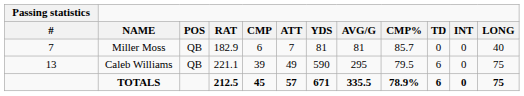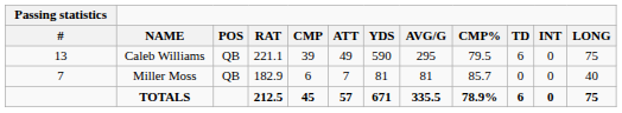 <table style="width:60%; text-align:center;" class="wikitable collapsible collapsed">
 <tr>
 <th style="text-align:center; ">Passing statistics</th>
 </tr>
 <tr>
 <th>#</th>
 <th>NAME</th>
 <th>POS</th>
 <th>RAT</th>
 <th>CMP</th>
 <th>ATT</th>
 <th>YDS</th>
 <th>AVG/G</th>
 <th>CMP%</th>
 <th>TD</th>
 <th>INT</th>
 <th>LONG</th>
 </tr>
 <tr>
+<td>13</td>
+<td>Caleb Williams</td>
+<td>QB</td>
+<td>221.1</td>
+<td>39</td>
+<td>49</td>
+<td>590</td>
+<td>295</td>
+<td>79.5</td>
+<td>6</td>
+<td>0</td>
+<td>75</td>
+</tr>
+<tr>
 <td>7</td>
 <td>Miller Moss</td>
 <td>QB</td>
 <td>182.9</td>
 <td>6</td>
 <td>7</td>
 <td>81</td>
 <td>81</td>
 <td>85.7</td>
 <td>0</td>
 <td>0</td>
 <td>40</td>
-</tr>
-<tr>
-<td>13</td>
-<td>Caleb Williams</td>
-<td>QB</td>
-<td>221.1</td>
-<td>39</td>
-<td>49</td>
-<td>590</td>
-<td>295</td>
-<td>79.5</td>
-<td>6</td>
-<td>0</td>
-<td>75</td>
 </tr>
 <tr>
 <td></td>
 <td><strong>TOTALS</strong></td>
 <td></td>
 <td><strong>212.5</strong></td>
 <td><strong>45</strong></td>
 <td><strong>57</strong></td>
 <td><strong>671</strong></td>
 <td><strong>335.5</strong></td>
 <td><strong>78.9%</strong></td>
 <td><strong>6</strong></td>
 <td><strong>0</strong></td>
 <td><strong>75</strong></td>
 </tr>
 </table>
